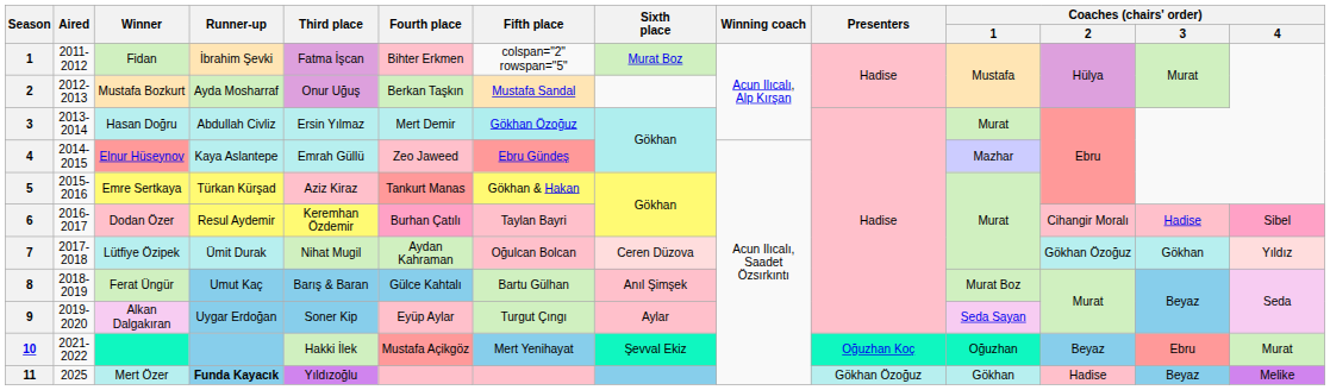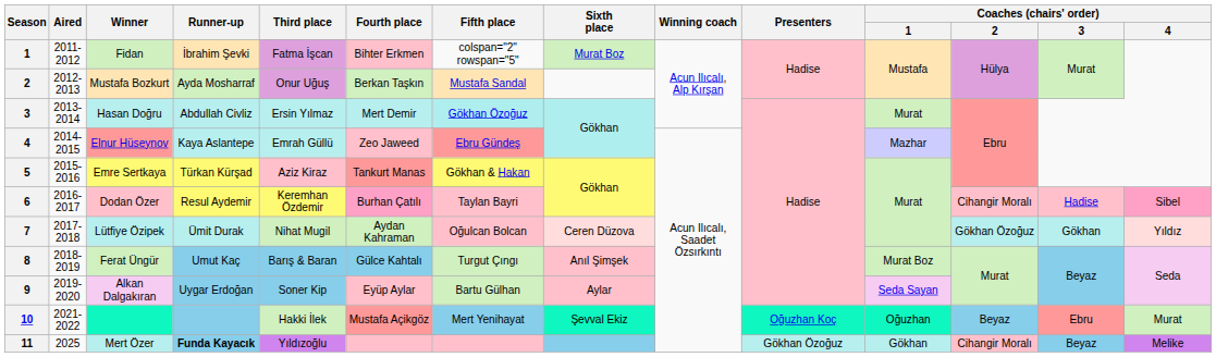 <table class="wikitable" style="text-align:center; font-size:90%; line-height:16px; width:100%">
 <tr>
 <th rowspan="2" scope="col" width="1%">Season</th>
 <th rowspan="2" scope="col" width="3%">Aired</th>
 <th rowspan="2" scope="col" width="7%">Winner</th>
 <th rowspan="2" scope="col" width="7%">Runner-up</th>
 <th rowspan="2"  scope="col" width="7%">Third place</th>
 <th rowspan="2"  scope="col" width="7%">Fourth place</th>
 <th rowspan="2"  scope="col" width="09%">Fifth place</th>
 <th rowspan="2"  scope="col" width="09%">Sixth <br> place</th>
 <th rowspan="2" scope="col" width="7%">Winning coach</th>
 <th rowspan="2" scope="col" width="10%">Presenters</th>
 <th colspan="4" scope="col" width="18%">Coaches (chairs' order)</th>
 </tr>
 <tr>
 <th width="7%">1</th>
 <th width="7%">2</th>
 <th width="7%">3</th>
 <th width="7%">4</th>
 </tr>
 <tr>
 <th>1</th>
 <td>2011-2012</td>
 <td style="background:#d0f0c0"> Fidan</td>
 <td style="background:#ffe5b4">İbrahim Şevki</td>
 <td style="background:#dda0dd">Fatma İşcan</td>
 <td style="background: pink">Bihter Erkmen</td>
 <td>colspan="2" rowspan="5" </td>
 <td style="background:#d0f0c0"><a href='#'>Murat Boz</a></td>
 <td rowspan="3"><a href='#'>Acun Ilıcalı</a>,<br><a href='#'>Alp Kırşan</a></td>
 <td rowspan="2" style="background: pink">Hadise</td>
 <td rowspan="2" style="background:#ffe5b4">Mustafa</td>
 <td rowspan="2" style="background:#dda0dd">Hülya</td>
 <td rowspan="2" style="background:#d0f0c0">Murat</td>
 </tr>
 <tr>
 <th>2</th>
 <td>2012-2013</td>
 <td style="background:#ffe5b4">Mustafa Bozkurt</td>
 <td style="background:#d0f0c0">Ayda Mosharraf</td>
 <td style="background:#dda0dd">Onur Uğuş</td>
 <td style="background:#d0f0c0">Berkan Taşkın</td>
 <td style="background:#ffe5b4"><a href='#'>Mustafa Sandal</a></td>
 </tr>
 <tr>
 <th>3</th>
 <td>2013-2014</td>
 <td style="background:#b7efef">Hasan Doğru</td>
 <td style="background:#b7efef">Abdullah Civliz</td>
 <td style="background:#b7efef">Ersin Yılmaz</td>
 <td style="background:#b7efef">Mert Demir</td>
 <td style="background:#afeeee"><a href='#'>Gökhan Özoğuz</a></td>
 <td style="background:#afeeee" rowspan="2">Gökhan</td>
 <td style="background: pink" rowspan="7">Hadise</td>
 <td style="background:#d0f0c0">Murat</td>
 <td style="background:#ff9999" rowspan="3">Ebru</td>
 </tr>
 <tr>
 <th>4</th>
 <td>2014-2015</td>
 <td style="background:#ff9999"><a href='#'>Elnur Hüseynov</a></td>
 <td style="background:#b7efef">Kaya Aslantepe</td>
 <td style="background:#b7efef">Emrah Güllü</td>
 <td style="background: pink">Zeo Jaweed</td>
 <td style="background:#ff9999"><a href='#'>Ebru Gündeş</a></td>
 <td rowspan="19">Acun Ilıcalı,<br>Saadet Özsırkıntı</td>
 <td style="background:#ccf">Mazhar </td>
 </tr>
 <tr>
 <th>5</th>
 <td>2015-2016</td>
 <td style="background:#fffa73">Emre Sertkaya</td>
 <td style="background:#fffa73">Türkan Kürşad</td>
 <td style="background: pink">Aziz Kiraz</td>
 <td style="background:#ff9999">Tankurt Manas</td>
 <td style="background:#fffa73">Gökhan & <a href='#'>Hakan</a></td>
 <td style="background:#fffa73" rowspan="2">Gökhan </td>
 <td style="background:#d0f0c0" rowspan="3">Murat</td>
 </tr>
 <tr>
 <th>6</th>
 <td>2016-2017</td>
 <td style="background: pink">Dodan Özer</td>
 <td style="background:#fffa73">Resul Aydemir</td>
 <td style="background:#fffa73">Keremhan Özdemir</td>
 <td style="background:#ffa1c6">Burhan Çatılı</td>
 <td style="background: pink">Taylan Bayri</td>
 <td style="background: pink">Cihangir Moralı</td>
 <td style="background: pink"><a href='#'>Hadise</a></td>
 <td style="background:#ffa1c6">Sibel</td>
 </tr>
 <tr>
 <th>7</th>
 <td>2017-2018</td>
 <td style="background:#b7efef">Lütfiye Özipek</td>
 <td style="background:#b7efef"> Ümit Durak</td>
 <td style="background:#d0f0c0">Nihat Mugil</td>
 <td style="background:#d0f0c0">Aydan Kahraman</td>
 <td style="background: pink">Oğulcan Bolcan</td>
 <td style="background:#ffdddd">Ceren Düzova</td>
 <td style="background:#b7efef">Gökhan Özoğuz</td>
 <td style="background:#b7efef">Gökhan</td>
 <td style="background:#ffdddd">Yıldız</td>
 </tr>
 <tr>
 <th>8</th>
 <td>2018-2019</td>
 <td style="background:#d0f0c0">Ferat Üngür</td>
 <td style="background:#87ceeb">Umut Kaç</td>
 <td style="background:#87ceeb">Barış & Baran</td>
 <td style="background:#87ceeb">Gülce Kahtalı</td>
-<td style="background:#d0f0c0">Bartu Gülhan</td>
+<td style="background:#d0f0c0">Turgut Çıngı</td>
 <td style="background: pink">Anıl Şimşek</td>
 <td style="background:#d0f0c0">Murat Boz</td>
 <td rowspan="2" style="background:#d0f0c0">Murat</td>
 <td rowspan="2" style="background:#87ceeb">Beyaz</td>
 <td rowspan="2" style="background:#f7ccf2">Seda</td>
 </tr>
 <tr>
 <th>9</th>
 <td>2019-2020</td>
 <td style="background:#f7ccf2">Alkan Dalgakıran</td>
 <td style="background:#87ceeb">Uygar Erdoğan</td>
 <td style="background:#87ceeb">Soner Kip</td>
 <td style="background: pink">Eyüp Aylar</td>
-<td style="background:#d0f0c0">Turgut Çıngı</td>
+<td style="background:#d0f0c0">Bartu Gülhan</td>
 <td style="background: pink"> Aylar</td>
 <td style="background:#f7ccf2"><a href='#'>Seda Sayan</a></td>
 </tr>
 <tr>
 <th><a href='#'>10</a></th>
 <td>2021-2022</td>
 <td style="background:#0ff7c0"></td>
 <td style="background:#87ceeb"></td>
 <td style="background:#d0f0c0">Hakki İlek</td>
 <td style="background:#ff9999">Mustafa Açikgöz</td>
 <td style="background:#87ceeb">Mert Yenihayat</td>
 <td style="background:#0ff7c0">Şevval Ekiz</td>
 <td style="background:#0ff7c0"><a href='#'>Oğuzhan Koç</a></td>
 <td style="background:#0ff7c0">Oğuzhan</td>
 <td style="background:#87ceeb" rowspan="1">Beyaz</td>
 <td style="background:#ff9999" rowspan="1">Ebru</td>
 <td style="background:#d0f0c0" rowspan="1">Murat</td>
 </tr>
 <tr>
 <th>11</th>
 <td>2025</td>
 <td style="background:#b7efef">Mert Özer</td>
 <td style="background:#87ceeb"><strong>Funda Kayacık</strong></td>
 <td style="background:#d084ee"> Yıldızoğlu</td>
 <td style="background:pink"></td>
 <td style="background:pink"></td>
 <td style="background:#87ceeb"></td>
 <td style="background:#b7efef">Gökhan Özoğuz</td>
 <td style="background:#b7efef" rowspan="1">Gökhan</td>
-<td style="background: pink" rowspan="1">Hadise</td>
+<td style="background: pink">Cihangir Moralı</td>
 <td style="background:#87ceeb" rowspan="1">Beyaz</td>
 <td style="background:#d084ee" rowspan="1">Melike</td>
 </tr>
 </table>
